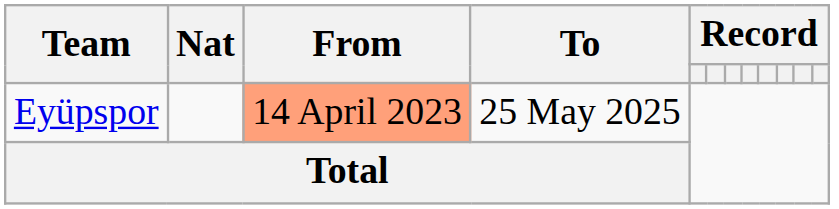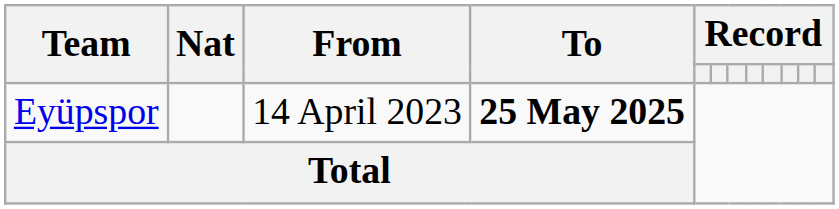 <table class="wikitable" style="text-align: center">
 <tr>
 <th rowspan="2">Team</th>
 <th rowspan="2">Nat</th>
 <th rowspan="2">From</th>
 <th rowspan="2">To</th>
 <th colspan="8">Record</th>
 </tr>
 <tr>
 <th></th>
 <th></th>
 <th></th>
 <th></th>
 <th></th>
 <th></th>
 <th></th>
 <th></th>
 </tr>
 <tr>
 <td><a href='#'>Eyüpspor</a></td>
 <td></td>
-<td style="background: lightsalmon;">14 April 2023</td>
-<td>25 May 2025<br></td>
+<td>14 April 2023</td>
+<td><strong>25 May 2025<br></strong></td>
 </tr>
 <tr>
 <th colspan="4">Total<br></th>
 </tr>
 </table>
